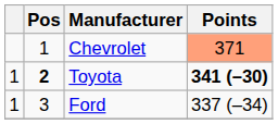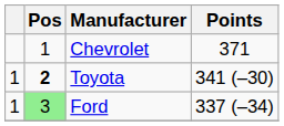 <table class="wikitable" style="font-size: 95%">
 <tr>
 <th></th>
 <th>Pos</th>
 <th>Manufacturer</th>
 <th>Points</th>
 </tr>
 <tr>
 <td align="left"></td>
 <td style="text-align:center;">1</td>
 <td><a href='#'>Chevrolet</a></td>
-<td style="background: lightsalmon; text-align:center;">371</td>
+<td style="text-align:center;">371</td>
 </tr>
 <tr>
 <td align="left"> 1</td>
 <td style="text-align:center;"><strong>2</strong></td>
 <td><a href='#'>Toyota</a></td>
-<td style="text-align:center;"><strong>341 (–30)</strong></td>
+<td style="text-align:center;">341 (–30)</td>
 </tr>
 <tr>
 <td align="left"> 1</td>
-<td style="text-align:center;">3</td>
+<td style="background: lightgreen; text-align:center;">3</td>
 <td><a href='#'>Ford</a></td>
 <td style="text-align:center;">337 (–34)</td>
 </tr>
 <tr class="sortbottom">
 </tr>
 </table>
